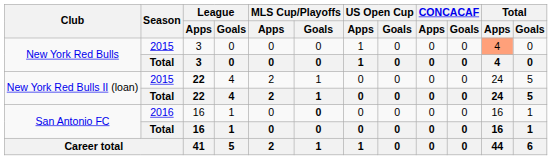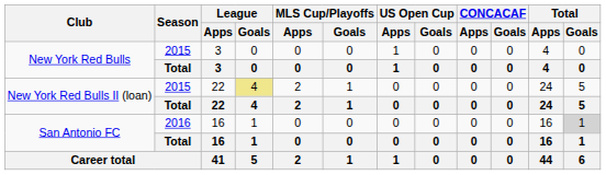 <table class="wikitable" style="text-align: center;">
 <tr>
 <th rowspan="2">Club</th>
 <th rowspan="2">Season</th>
 <th colspan="2">League</th>
 <th colspan="2">MLS Cup/Playoffs</th>
 <th colspan="2">US Open Cup</th>
 <th colspan="2"><a href='#'>CONCACAF</a></th>
 <th colspan="2">Total</th>
 </tr>
 <tr>
 <th>Apps</th>
 <th>Goals</th>
 <th>Apps</th>
 <th>Goals</th>
 <th>Apps</th>
 <th>Goals</th>
 <th>Apps</th>
 <th>Goals</th>
 <th>Apps</th>
 <th>Goals</th>
 </tr>
 <tr>
 <td rowspan="2"><a href='#'>New York Red Bulls</a></td>
 <td><a href='#'>2015</a></td>
 <td>3</td>
 <td>0</td>
 <td>0</td>
 <td>0</td>
 <td>1</td>
 <td>0</td>
 <td>0</td>
 <td>0</td>
-<td style="background: lightsalmon;">4</td>
+<td>4</td>
 <td>0</td>
 </tr>
 <tr>
 <th>Total</th>
 <th>3</th>
 <th>0</th>
 <th>0</th>
 <th>0</th>
 <th>1</th>
 <th>0</th>
 <th>0</th>
 <th>0</th>
 <th>4</th>
 <th>0</th>
 </tr>
 <tr>
 <td rowspan="2"><a href='#'>New York Red Bulls II</a> (loan)</td>
 <td><a href='#'>2015</a></td>
-<td><strong>22</strong></td>
-<td>4</td>
+<td>22</td>
+<td style="background: khaki;">4</td>
 <td>2</td>
 <td>1</td>
 <td>0</td>
 <td>0</td>
 <td>0</td>
 <td>0</td>
 <td>24</td>
 <td>5</td>
 </tr>
 <tr>
 <th>Total</th>
 <th>22</th>
 <th>4</th>
 <th>2</th>
 <th>1</th>
 <th>0</th>
 <th>0</th>
 <th>0</th>
 <th>0</th>
 <th>24</th>
 <th>5</th>
 </tr>
 <tr>
 <td rowspan="2"><a href='#'>San Antonio FC</a></td>
 <td><a href='#'>2016</a></td>
 <td>16</td>
 <td>1</td>
 <td>0</td>
-<td><strong>0</strong></td>
+<td>0</td>
 <td>0</td>
 <td>0</td>
 <td>0</td>
 <td>0</td>
 <td>16</td>
-<td>1</td>
+<td style="background: lightgrey;">1</td>
 </tr>
 <tr>
 <th>Total</th>
 <th>16</th>
 <th>1</th>
 <th>0</th>
 <th>0</th>
 <th>0</th>
 <th>0</th>
 <th>0</th>
 <th>0</th>
 <th>16</th>
 <th>1</th>
 </tr>
 <tr>
 <th colspan="2">Career total</th>
 <th>41</th>
 <th>5</th>
 <th>2</th>
 <th>1</th>
 <th>1</th>
 <th>0</th>
 <th>0</th>
 <th>0</th>
 <th>44</th>
 <th>6</th>
 </tr>
 </table>
